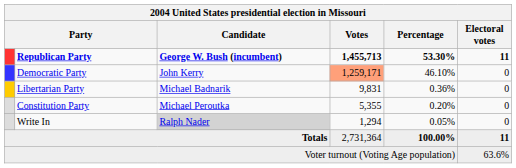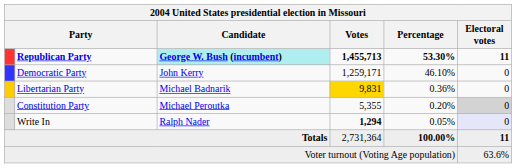 <table class="wikitable" style="font-size: 95%;">
 <tr>
 <th colspan="6">2004 United States presidential election in Missouri</th>
 </tr>
 <tr>
 <th colspan="2" style="width: 15em">Party</th>
 <th style="width: 17em">Candidate</th>
 <th style="width: 5em">Votes</th>
 <th style="width: 7em">Percentage</th>
 <th style="width: 5em">Electoral votes</th>
 </tr>
 <tr>
 <th style="background-color:#FF3333; width: 3px"></th>
 <td style="width: 130px"><strong><a href='#'>Republican Party</a></strong></td>
-<td><strong><a href='#'>George W. Bush</a> (<a href='#'>incumbent</a>)</strong></td>
+<td style="background: paleturquoise;"><strong><a href='#'>George W. Bush</a> (<a href='#'>incumbent</a>)</strong></td>
 <td align="right"><strong>1,455,713</strong></td>
 <td align="right"><strong>53.30%</strong></td>
 <td align="right"><strong>11</strong></td>
 </tr>
 <tr>
 <th style="background-color:#3333FF; width: 3px"></th>
 <td style="width: 130px"><a href='#'>Democratic Party</a></td>
 <td><a href='#'>John Kerry</a></td>
-<td align="right" style="background: lightsalmon;">1,259,171</td>
+<td align="right">1,259,171</td>
 <td align="right">46.10%</td>
 <td align="right">0</td>
 </tr>
 <tr>
 <th style="background-color:#FC0; width: 3px"></th>
 <td style="width: 130px"><a href='#'>Libertarian Party</a></td>
 <td><a href='#'>Michael Badnarik</a></td>
-<td align="right">9,831</td>
+<td align="right" style="background: gold;">9,831</td>
 <td align="right">0.36%</td>
 <td align="right">0</td>
 </tr>
 <tr>
 <th style="background-color:#DDDDDD; width: 3px"></th>
 <td style="width: 130px"><a href='#'>Constitution Party</a></td>
 <td><a href='#'>Michael Peroutka</a></td>
 <td align="right">5,355</td>
 <td align="right">0.20%</td>
-<td align="right">0</td>
+<td align="right" style="background: lightgrey;">0</td>
 </tr>
 <tr>
 <th style="background-color:#DDDDDD; width: 3px"></th>
 <td style="width: 130px">Write In</td>
-<td style="background: lightgrey;"><a href='#'>Ralph Nader</a></td>
-<td align="right">1,294</td>
+<td><a href='#'>Ralph Nader</a></td>
+<td align="right"><strong>1,294</strong></td>
 <td align="right">0.05%</td>
-<td align="right">0</td>
+<td align="right" style="background: lavender;">0</td>
 </tr>
 <tr bgcolor="#EEEEEE">
 <td colspan="3" align="right"><strong>Totals</strong></td>
 <td align="right">2,731,364</td>
 <td align="right"><strong>100.00%</strong></td>
 <td align="right"><strong>11</strong></td>
 </tr>
 <tr bgcolor="#EEEEEE">
 <td colspan="5" align="right">Voter turnout (Voting Age population)</td>
 <td colspan="1" align="right">63.6%</td>
 </tr>
 </table>
